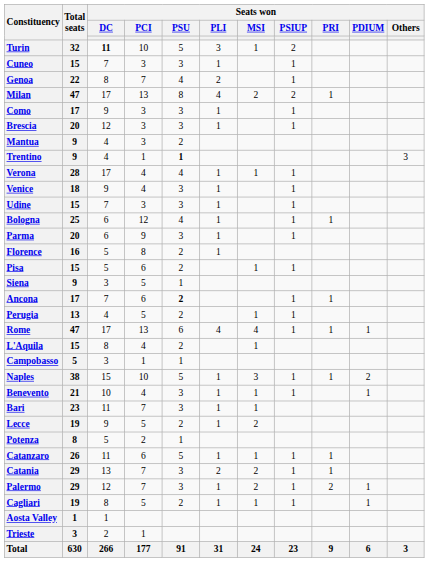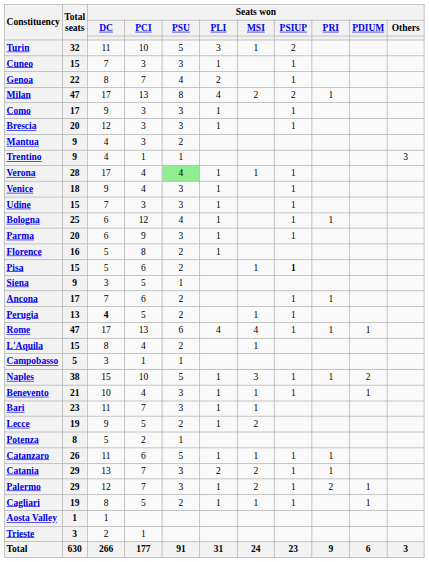 <table class="wikitable" style="text-align:center; font-size: 0.9em">
 <tr>
 <th rowspan="3">Constituency</th>
 <th rowspan="3">Total<br>seats</th>
 <th colspan="9">Seats won</th>
 </tr>
 <tr>
 <th class="unsortable" style="width:50px;"><a href='#'>DC</a></th>
 <th class="unsortable" style="width:50px;"><a href='#'>PCI</a></th>
 <th class="unsortable" style="width:50px;"><a href='#'>PSU</a></th>
 <th class="unsortable" style="width:50px;"><a href='#'>PLI</a></th>
 <th class="unsortable" style="width:50px;"><a href='#'>MSI</a></th>
 <th class="unsortable" style="width:50px;"><a href='#'>PSIUP</a></th>
 <th class="unsortable" style="width:50px;"><a href='#'>PRI</a></th>
 <th class="unsortable" style="width:50px;"><a href='#'>PDIUM</a></th>
 <th class="unsortable" style="width:50px;">Others</th>
 </tr>
 <tr>
 <th style="background:"></th>
 <th style="background:"></th>
 <th style="background:"></th>
 <th style="background:"></th>
 <th style="background:"></th>
 <th style="background:"></th>
 <th style="background:"></th>
 <th style="background:"></th>
 <th style="background:"></th>
 </tr>
 <tr>
 <th style="text-align: left;"><a href='#'>Turin</a></th>
 <th>32</th>
-<td><strong>11</strong></td>
+<td>11</td>
 <td>10</td>
 <td>5</td>
 <td>3</td>
 <td>1</td>
 <td>2</td>
 <td></td>
 <td></td>
 <td></td>
 </tr>
 <tr>
 <th style="text-align: left;"><a href='#'>Cuneo</a></th>
 <th>15</th>
 <td>7</td>
 <td>3</td>
 <td>3</td>
 <td>1</td>
 <td></td>
 <td>1</td>
 <td></td>
 <td></td>
 <td></td>
 </tr>
 <tr>
 <th style="text-align: left;"><a href='#'>Genoa</a></th>
 <th>22</th>
 <td>8</td>
 <td>7</td>
 <td>4</td>
 <td>2</td>
 <td></td>
 <td>1</td>
 <td></td>
 <td></td>
 <td></td>
 </tr>
 <tr>
 <th style="text-align: left;"><a href='#'>Milan</a></th>
 <th>47</th>
 <td>17</td>
 <td>13</td>
 <td>8</td>
 <td>4</td>
 <td>2</td>
 <td>2</td>
 <td>1</td>
 <td></td>
 <td></td>
 </tr>
 <tr>
 <th style="text-align: left;"><a href='#'>Como</a></th>
 <th>17</th>
 <td>9</td>
 <td>3</td>
 <td>3</td>
 <td>1</td>
 <td></td>
 <td>1</td>
 <td></td>
 <td></td>
 <td></td>
 </tr>
 <tr>
 <th style="text-align: left;"><a href='#'>Brescia</a></th>
 <th>20</th>
 <td>12</td>
 <td>3</td>
 <td>3</td>
 <td>1</td>
 <td></td>
 <td>1</td>
 <td></td>
 <td></td>
 <td></td>
 </tr>
 <tr>
 <th style="text-align: left;"><a href='#'>Mantua</a></th>
 <th>9</th>
 <td>4</td>
 <td>3</td>
 <td>2</td>
 <td></td>
 <td></td>
 <td></td>
 <td></td>
 <td></td>
 <td></td>
 </tr>
 <tr>
 <th style="text-align: left;"><a href='#'>Trentino</a></th>
 <th>9</th>
 <td>4</td>
 <td>1</td>
-<td><strong>1</strong></td>
+<td>1</td>
 <td></td>
 <td></td>
 <td></td>
 <td></td>
 <td></td>
 <td>3</td>
 </tr>
 <tr>
 <th style="text-align: left;"><a href='#'>Verona</a></th>
 <th>28</th>
 <td>17</td>
 <td>4</td>
-<td>4</td>
+<td style="background: lightgreen;">4</td>
 <td>1</td>
 <td>1</td>
 <td>1</td>
 <td></td>
 <td></td>
 <td></td>
 </tr>
 <tr>
 <th style="text-align: left;"><a href='#'>Venice</a></th>
 <th>18</th>
 <td>9</td>
 <td>4</td>
 <td>3</td>
 <td>1</td>
 <td></td>
 <td>1</td>
 <td></td>
 <td></td>
 <td></td>
 </tr>
 <tr>
 <th style="text-align: left;"><a href='#'>Udine</a></th>
 <th>15</th>
 <td>7</td>
 <td>3</td>
 <td>3</td>
 <td>1</td>
 <td></td>
 <td>1</td>
 <td></td>
 <td></td>
 <td></td>
 </tr>
 <tr>
 <th style="text-align: left;"><a href='#'>Bologna</a></th>
 <th>25</th>
 <td>6</td>
 <td>12</td>
 <td>4</td>
 <td>1</td>
 <td></td>
 <td>1</td>
 <td>1</td>
 <td></td>
 <td></td>
 </tr>
 <tr>
 <th style="text-align: left;"><a href='#'>Parma</a></th>
 <th>20</th>
 <td>6</td>
 <td>9</td>
 <td>3</td>
 <td>1</td>
 <td></td>
 <td>1</td>
 <td></td>
 <td></td>
 <td></td>
 </tr>
 <tr>
 <th style="text-align: left;"><a href='#'>Florence</a></th>
 <th>16</th>
 <td>5</td>
 <td>8</td>
 <td>2</td>
 <td>1</td>
 <td></td>
 <td></td>
 <td></td>
 <td></td>
 <td></td>
 </tr>
 <tr>
 <th style="text-align: left;"><a href='#'>Pisa</a></th>
 <th>15</th>
 <td>5</td>
 <td>6</td>
 <td>2</td>
 <td></td>
 <td>1</td>
-<td>1</td>
+<td><strong>1</strong></td>
 <td></td>
 <td></td>
 <td></td>
 </tr>
 <tr>
 <th style="text-align: left;"><a href='#'>Siena</a></th>
 <th>9</th>
 <td>3</td>
 <td>5</td>
 <td>1</td>
 <td></td>
 <td></td>
 <td></td>
 <td></td>
 <td></td>
 <td></td>
 </tr>
 <tr>
 <th style="text-align: left;"><a href='#'>Ancona</a></th>
 <th>17</th>
 <td>7</td>
 <td>6</td>
-<td><strong>2</strong></td>
+<td>2</td>
 <td></td>
 <td></td>
 <td>1</td>
 <td>1</td>
 <td></td>
 <td></td>
 </tr>
 <tr>
 <th style="text-align: left;"><a href='#'>Perugia</a></th>
 <th>13</th>
-<td>4</td>
+<td><strong>4</strong></td>
 <td>5</td>
 <td>2</td>
 <td></td>
 <td>1</td>
 <td>1</td>
 <td></td>
 <td></td>
 <td></td>
 </tr>
 <tr>
 <th style="text-align: left;"><a href='#'>Rome</a></th>
 <th>47</th>
 <td>17</td>
 <td>13</td>
 <td>6</td>
 <td>4</td>
 <td>4</td>
 <td>1</td>
 <td>1</td>
 <td>1</td>
 <td></td>
 </tr>
 <tr>
 <th style="text-align: left;"><a href='#'>L'Aquila</a></th>
 <th>15</th>
 <td>8</td>
 <td>4</td>
 <td>2</td>
 <td></td>
 <td>1</td>
 <td></td>
 <td></td>
 <td></td>
 <td></td>
 </tr>
 <tr>
 <th style="text-align: left;"><a href='#'>Campobasso</a></th>
 <th>5</th>
 <td>3</td>
 <td>1</td>
 <td>1</td>
 <td></td>
 <td></td>
 <td></td>
 <td></td>
 <td></td>
 <td></td>
 </tr>
 <tr>
 <th style="text-align: left;"><a href='#'>Naples</a></th>
 <th>38</th>
 <td>15</td>
 <td>10</td>
 <td>5</td>
 <td>1</td>
 <td>3</td>
 <td>1</td>
 <td>1</td>
 <td>2</td>
 <td></td>
 </tr>
 <tr>
 <th style="text-align: left;"><a href='#'>Benevento</a></th>
 <th>21</th>
 <td>10</td>
 <td>4</td>
 <td>3</td>
 <td>1</td>
 <td>1</td>
 <td>1</td>
 <td></td>
 <td>1</td>
 <td></td>
 </tr>
 <tr>
 <th style="text-align: left;"><a href='#'>Bari</a></th>
 <th>23</th>
 <td>11</td>
 <td>7</td>
 <td>3</td>
 <td>1</td>
 <td>1</td>
 <td></td>
 <td></td>
 <td></td>
 <td></td>
 </tr>
 <tr>
 <th style="text-align: left;"><a href='#'>Lecce</a></th>
 <th>19</th>
 <td>9</td>
 <td>5</td>
 <td>2</td>
 <td>1</td>
 <td>2</td>
 <td></td>
 <td></td>
 <td></td>
 <td></td>
 </tr>
 <tr>
 <th style="text-align: left;"><a href='#'>Potenza</a></th>
 <th>8</th>
 <td>5</td>
 <td>2</td>
 <td>1</td>
 <td></td>
 <td></td>
 <td></td>
 <td></td>
 <td></td>
 <td></td>
 </tr>
 <tr>
 <th style="text-align: left;"><a href='#'>Catanzaro</a></th>
 <th>26</th>
 <td>11</td>
 <td>6</td>
 <td>5</td>
 <td>1</td>
 <td>1</td>
 <td>1</td>
 <td>1</td>
 <td></td>
 <td></td>
 </tr>
 <tr>
 <th style="text-align: left;"><a href='#'>Catania</a></th>
 <th>29</th>
 <td>13</td>
 <td>7</td>
 <td>3</td>
 <td>2</td>
 <td>2</td>
 <td>1</td>
 <td>1</td>
 <td></td>
 <td></td>
 </tr>
 <tr>
 <th style="text-align: left;"><a href='#'>Palermo</a></th>
 <th>29</th>
 <td>12</td>
 <td>7</td>
 <td>3</td>
 <td>1</td>
 <td>2</td>
 <td>1</td>
 <td>2</td>
 <td>1</td>
 <td></td>
 </tr>
 <tr>
 <th style="text-align: left;"><a href='#'>Cagliari</a></th>
 <th>19</th>
 <td>8</td>
 <td>5</td>
 <td>2</td>
 <td>1</td>
 <td>1</td>
 <td>1</td>
 <td></td>
 <td>1</td>
 <td></td>
 </tr>
 <tr>
 <th style="text-align: left;"><a href='#'>Aosta Valley</a></th>
 <th>1</th>
 <td>1</td>
 <td></td>
 <td></td>
 <td></td>
 <td></td>
 <td></td>
 <td></td>
 <td></td>
 <td></td>
 </tr>
 <tr>
 <th style="text-align: left;"><a href='#'>Trieste</a></th>
 <th>3</th>
 <td>2</td>
 <td>1</td>
 <td></td>
 <td></td>
 <td></td>
 <td></td>
 <td></td>
 <td></td>
 <td></td>
 </tr>
 <tr>
 <th style="text-align: left;">Total</th>
 <th>630</th>
 <th>266</th>
 <th>177</th>
 <th>91</th>
 <th>31</th>
 <th>24</th>
 <th>23</th>
 <th>9</th>
 <th>6</th>
 <th>3</th>
 </tr>
 </table>
